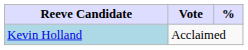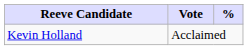 <table class="wikitable">
 <tr>
 <th style="background:#ddf; width:200px;">Reeve Candidate</th>
 <th style="background:#ddf; width:50px;">Vote</th>
 <th style="background:#ddf; width:30px;">%</th>
 </tr>
 <tr>
-<td style="background: lightblue;"><a href='#'>Kevin Holland</a></td>
+<td><a href='#'>Kevin Holland</a></td>
 <td colspan="2">Acclaimed</td>
 </tr>
 </table>
